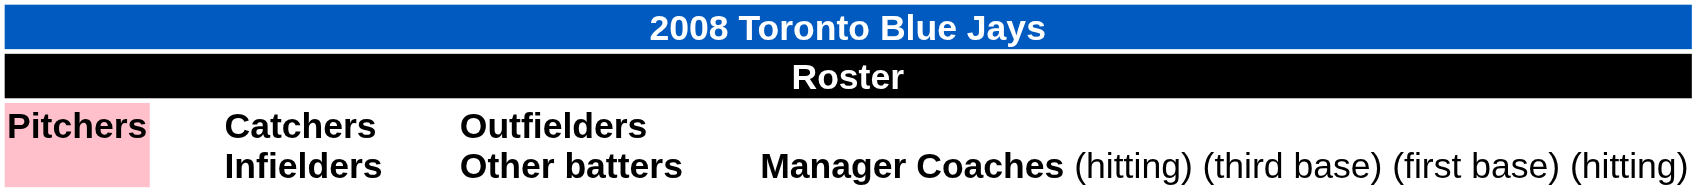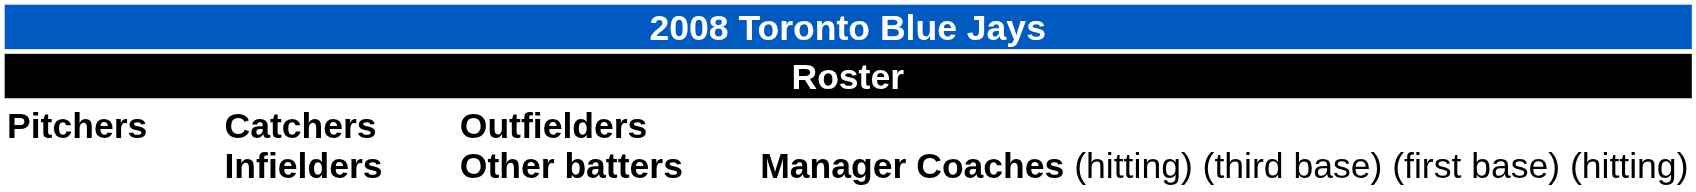 <table class="toccolours" style="font-size: 95%;">
 <tr http://upload.wikimedia.org/wikipedia/en/c/c8/Button_redirect.png>
 <th colspan="10" style="background-color: #005ac0; color: #FFFFFF; text-align: center;">2008 Toronto Blue Jays</th>
 </tr>
 <tr>
 <td colspan="10" style="background-color: black; color: white; text-align: center;"><strong>Roster</strong></td>
 </tr>
 <tr>
-<td valign="top" style="background: pink;"><strong>Pitchers</strong><br>                  </td>
+<td valign="top"><strong>Pitchers</strong><br>                  </td>
 <td width="25px"></td>
 <td valign="top"><strong>Catchers</strong><br>   <strong>Infielders</strong>          </td>
 <td width="25px"></td>
 <td valign="top"><strong>Outfielders</strong><br>         <strong>Other batters</strong>  </td>
 <td width="25px"></td>
 <td valign="top"><br><strong>Manager</strong>   <strong>Coaches</strong>    (hitting)  (third base)  (first base)   (hitting)  </td>
 </tr>
 </table>
